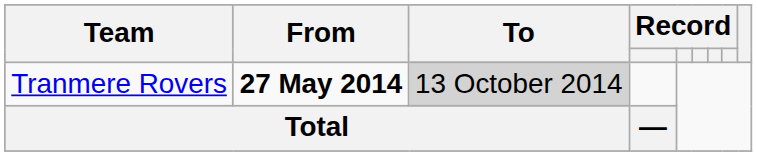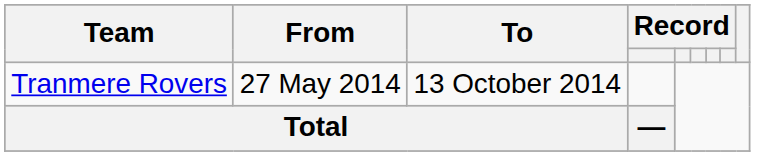 <table class=wikitable style="text-align: center">
 <tr>
 <th rowspan=2>Team</th>
 <th rowspan=2>From</th>
 <th rowspan=2>To</th>
 <th colspan=5>Record</th>
 <th rowspan=2></th>
 </tr>
 <tr>
 <th></th>
 <th></th>
 <th></th>
 <th></th>
 <th></th>
 </tr>
 <tr>
 <td align=left><a href='#'>Tranmere Rovers</a></td>
-<td align=left><strong>27 May 2014</strong></td>
-<td align=left style="background: lightgrey;">13 October 2014<br></td>
+<td align=left>27 May 2014</td>
+<td align=left>13 October 2014<br></td>
 <td></td>
 </tr>
 <tr>
 <th colspan=3>Total<br></th>
 <th>—</th>
 </tr>
 </table>
